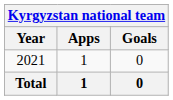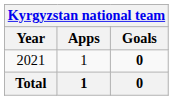 <table class="wikitable" style="text-align:center">
 <tr>
 <th colspan=3><a href='#'>Kyrgyzstan national team</a></th>
 </tr>
 <tr>
 <th>Year</th>
 <th>Apps</th>
 <th>Goals</th>
 </tr>
 <tr>
 <td>2021</td>
 <td>1</td>
-<td>0</td>
+<td><strong>0</strong></td>
 </tr>
 <tr>
 <th>Total</th>
 <th>1</th>
 <th>0</th>
 </tr>
 </table>
